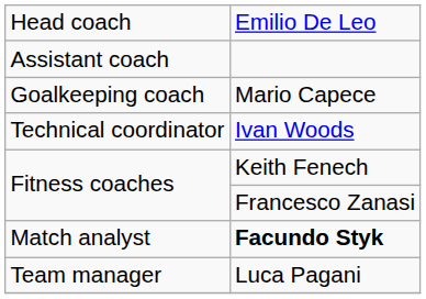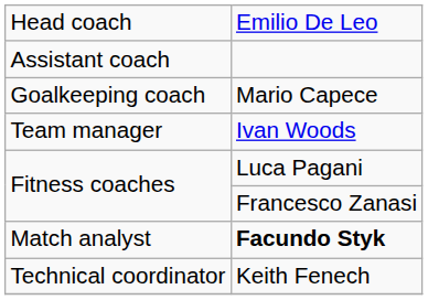 <table class="wikitable">
 <tr>
 <td>Head coach</td>
 <td> <a href='#'>Emilio De Leo</a></td>
 </tr>
 <tr>
 <td>Assistant coach</td>
 <td></td>
 </tr>
 <tr>
 <td>Goalkeeping coach</td>
 <td> Mario Capece</td>
 </tr>
 <tr>
-<td>Technical coordinator</td>
+<td>Team manager</td>
 <td> <a href='#'>Ivan Woods</a></td>
 </tr>
 <tr>
 <td rowspan="2">Fitness coaches</td>
-<td> Keith Fenech</td>
+<td> Luca Pagani</td>
 </tr>
 <tr>
 <td> Francesco Zanasi</td>
 </tr>
 <tr>
 <td>Match analyst</td>
 <td><strong> Facundo Styk</strong></td>
 </tr>
 <tr>
-<td>Team manager</td>
-<td> Luca Pagani</td>
+<td>Technical coordinator</td>
+<td> Keith Fenech</td>
 </tr>
 <tr>
 </tr>
 </table>
